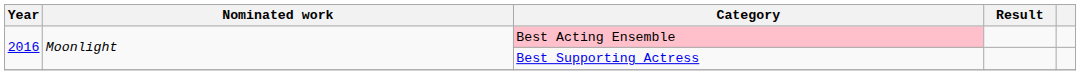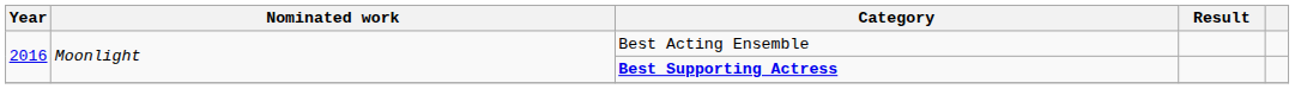 <table class="wikitable">
 <tr>
 <th scope="col" style="width:1em;">Year</th>
 <th scope="col" style="width:35em;">Nominated work</th>
 <th scope="col" style="width:35em;">Category</th>
 <th scope="col" style="width:5em;">Result</th>
 <th scope="col" style="width:1em;"></th>
 </tr>
 <tr>
 <td rowspan=2><a href='#'>2016</a></td>
 <td rowspan=2><em>Moonlight</em></td>
-<td style="background: pink;">Best Acting Ensemble</td>
+<td>Best Acting Ensemble</td>
 <td></td>
 <td></td>
 </tr>
 <tr>
-<td><a href='#'>Best Supporting Actress</a></td>
+<td><strong><a href='#'>Best Supporting Actress</a></strong></td>
 <td></td>
 <td></td>
 </tr>
 <tr>
 </tr>
 </table>
